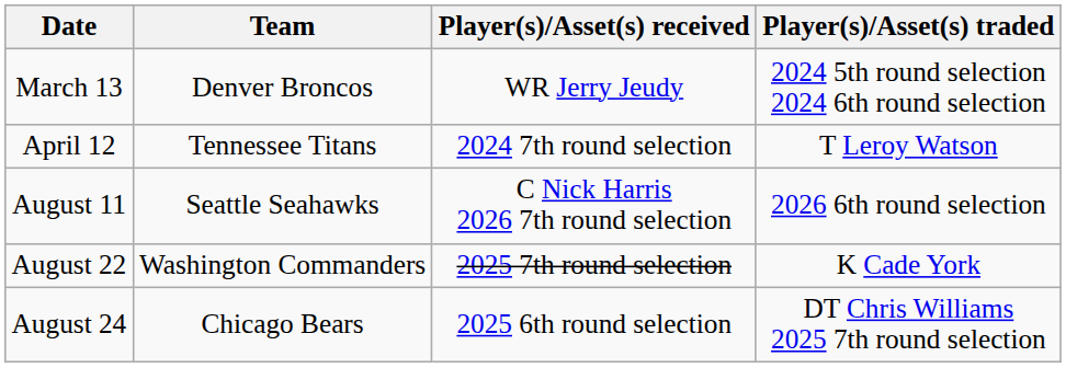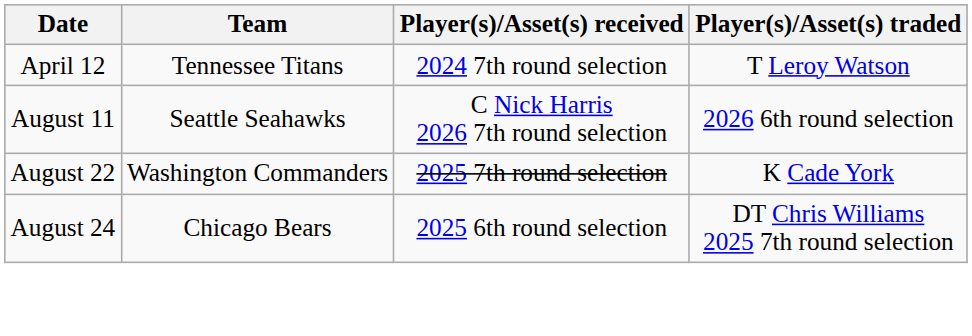 <table class="wikitable" style="text-align:center">
 <tr>
 <th>Date</th>
 <th>Team</th>
 <th>Player(s)/Asset(s) received</th>
 <th>Player(s)/Asset(s) traded</th>
-</tr>
-<tr>
-<td>March 13</td>
-<td>Denver Broncos</td>
-<td>WR <a href='#'>Jerry Jeudy</a></td>
-<td><a href='#'>2024</a> 5th round selection<br><a href='#'>2024</a> 6th round selection</td>
 </tr>
 <tr>
 <td>April 12</td>
 <td>Tennessee Titans</td>
 <td><a href='#'>2024</a> 7th round selection</td>
 <td>T <a href='#'>Leroy Watson</a></td>
 </tr>
 <tr>
 <td>August 11</td>
 <td>Seattle Seahawks</td>
 <td>C <a href='#'>Nick Harris</a><br><a href='#'>2026</a> 7th round selection</td>
 <td><a href='#'>2026</a> 6th round selection</td>
 </tr>
 <tr>
 <td>August 22</td>
 <td>Washington Commanders</td>
 <td><s><a href='#'>2025</a> 7th round selection</s></td>
 <td>K <a href='#'>Cade York</a></td>
 </tr>
 <tr>
 <td>August 24</td>
 <td>Chicago Bears</td>
 <td><a href='#'>2025</a> 6th round selection</td>
 <td>DT <a href='#'>Chris Williams</a><br><a href='#'>2025</a> 7th round selection</td>
 </tr>
 </table>
